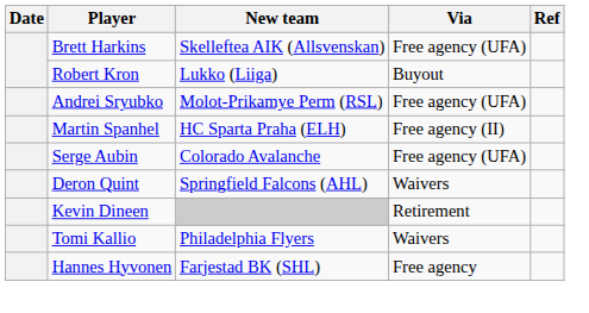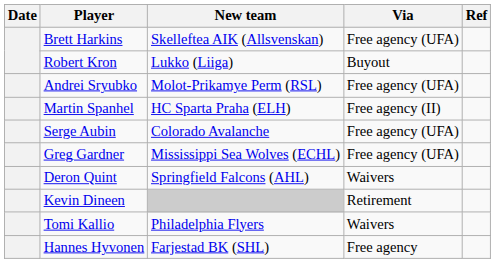 <table class="wikitable plainrowheaders">
 <tr style="background:#ddd; text-align:center;">
 <th>Date</th>
 <th>Player</th>
 <th>New team</th>
 <th>Via</th>
 <th>Ref</th>
 </tr>
 <tr>
 <th scope="row" rowspan=2></th>
 <td><a href='#'>Brett Harkins</a></td>
 <td><a href='#'>Skelleftea AIK</a> (<a href='#'>Allsvenskan</a>)</td>
 <td>Free agency (UFA)</td>
 <td></td>
 </tr>
 <tr>
 <td><a href='#'>Robert Kron</a></td>
 <td><a href='#'>Lukko</a> (<a href='#'>Liiga</a>)</td>
 <td>Buyout</td>
 <td></td>
 </tr>
 <tr>
 <th scope="row"></th>
 <td><a href='#'>Andrei Sryubko</a></td>
 <td><a href='#'>Molot-Prikamye Perm</a> (<a href='#'>RSL</a>)</td>
 <td>Free agency (UFA)</td>
 <td></td>
 </tr>
 <tr>
 <th scope="row"></th>
 <td><a href='#'>Martin Spanhel</a></td>
 <td><a href='#'>HC Sparta Praha</a> (<a href='#'>ELH</a>)</td>
 <td>Free agency (II)</td>
 <td></td>
 </tr>
 <tr>
 <th scope="row"></th>
 <td><a href='#'>Serge Aubin</a></td>
 <td><a href='#'>Colorado Avalanche</a></td>
 <td>Free agency (UFA)</td>
 <td></td>
 </tr>
 <tr>
 <th scope="row"></th>
+<td><a href='#'>Greg Gardner</a></td>
+<td><a href='#'>Mississippi Sea Wolves</a> (<a href='#'>ECHL</a>)</td>
+<td>Free agency (UFA)</td>
+<td></td>
+</tr>
+<tr>
+<th scope="row"></th>
 <td><a href='#'>Deron Quint</a></td>
 <td><a href='#'>Springfield Falcons</a> (<a href='#'>AHL</a>)</td>
 <td>Waivers</td>
 <td></td>
 </tr>
 <tr>
 <th scope="row"></th>
 <td><a href='#'>Kevin Dineen</a></td>
 <td style="background:#ccc"></td>
 <td>Retirement</td>
 <td></td>
 </tr>
 <tr>
 <th scope="row"></th>
 <td><a href='#'>Tomi Kallio</a></td>
 <td><a href='#'>Philadelphia Flyers</a></td>
 <td>Waivers</td>
 <td></td>
 </tr>
 <tr>
 <th scope="row"></th>
 <td><a href='#'>Hannes Hyvonen</a></td>
 <td><a href='#'>Farjestad BK</a> (<a href='#'>SHL</a>)</td>
 <td>Free agency</td>
 <td></td>
 </tr>
 </table>
